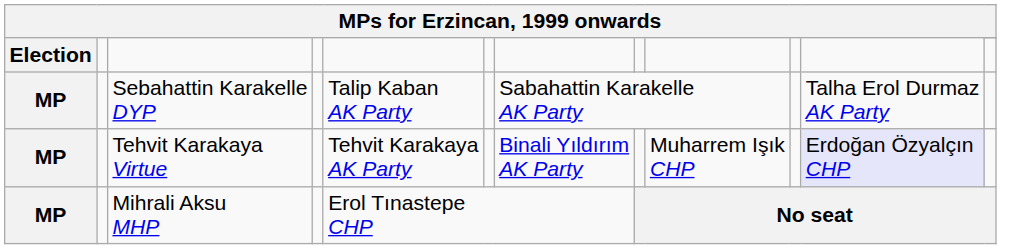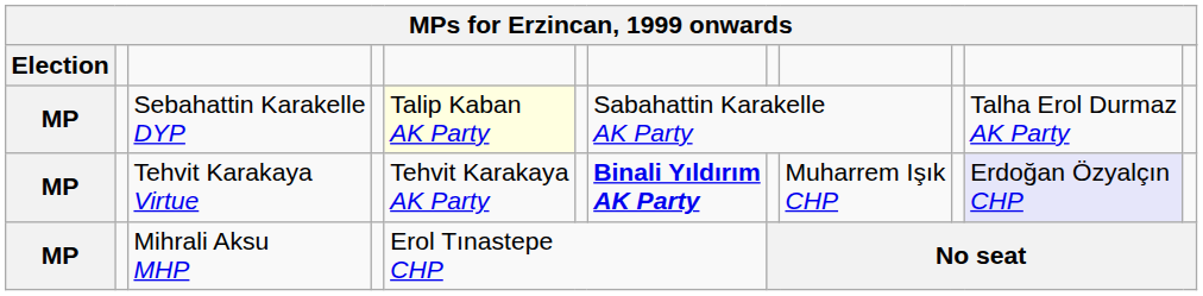 <table class="wikitable">
 <tr>
 <th colspan = 12>MPs for Erzincan, 1999 onwards</th>
 </tr>
 <tr>
 <th rowspan = 2>Election</th>
 <td rowspan="2" style="width:1px;"></td>
 <td rowspan = 2></td>
 <td rowspan="2" style="width:1px;"></td>
 <td rowspan = 2></td>
 <td rowspan="2" style="width:1px;"></td>
 <td rowspan = 2></td>
 <td rowspan="2" style="width:1px;"></td>
 <td rowspan = 2></td>
 <td rowspan="2" style="width:1px;"></td>
 <td rowspan = 2></td>
 </tr>
 <tr>
 <td></td>
 </tr>
 <tr>
 <th>MP</th>
 <td width=1px style="background-color: "></td>
 <td colspan = 1>Sebahattin Karakelle<br><em><a href='#'>DYP</a></em></td>
 <td width=1px style="background-color: "></td>
-<td colspan = 1>Talip Kaban<br><em><a href='#'>AK Party</a></em></td>
+<td colspan = 1 style="background: lightyellow;">Talip Kaban<br><em><a href='#'>AK Party</a></em></td>
 <td width=1px style="background-color: "></td>
 <td colspan = 3>Sabahattin Karakelle<br><em><a href='#'>AK Party</a></em></td>
 <td width=1px style="background-color: "></td>
 <td colspan = 1>Talha Erol Durmaz<br><em><a href='#'>AK Party</a></em></td>
 <td width=1px style="background-color: "></td>
 </tr>
 <tr>
 <th>MP</th>
 <td width=1px style="background-color: "></td>
 <td colspan = 1>Tehvit Karakaya<br><em><a href='#'>Virtue</a></em></td>
 <td width=1px style="background-color: "></td>
 <td colspan = 1>Tehvit Karakaya<br><em><a href='#'>AK Party</a></em></td>
 <td width=1px style="background-color: "></td>
-<td colspan = 1><a href='#'>Binali Yıldırım</a><br><em><a href='#'>AK Party</a></em></td>
+<td colspan = 1><strong><a href='#'>Binali Yıldırım</a><br><em><a href='#'>AK Party</a></em></strong></td>
 <td width=1px style="background-color: "></td>
 <td colspan = 1>Muharrem Işık<br><em><a href='#'>CHP</a></em></td>
 <td width=1px style="background-color: "></td>
 <td colspan = 1 style="background: lavender;">Erdoğan Özyalçın<br><em><a href='#'>CHP</a></em></td>
 <td width=1px style="background-color: "></td>
 </tr>
 <tr>
 <th>MP</th>
 <td width=1px style="background-color: "></td>
 <td colspan = 1>Mihrali Aksu<br><em><a href='#'>MHP</a></em></td>
 <td width=1px style="background-color: "></td>
 <td colspan = 3>Erol Tınastepe<br><em><a href='#'>CHP</a></em></td>
 <th colspan = 5>No seat</th>
 </tr>
 </table>
